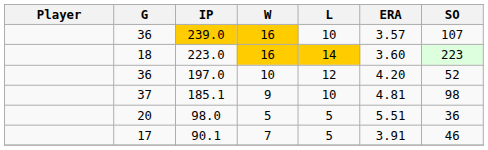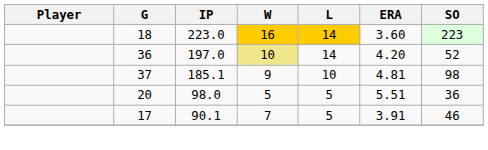 <table class="wikitable sortable">
 <tr>
 <th width="16%">Player</th>
 <th width="9%">G</th>
 <th width="9%">IP</th>
 <th width="9%">W</th>
 <th width="9%">L</th>
 <th width="9%">ERA</th>
 <th width="9%">SO</th>
-</tr>
-<tr align="center">
-<td></td>
-<td>36</td>
-<td style="background:#fc0;">239.0</td>
-<td style="background:#fc0;">16</td>
-<td>10</td>
-<td>3.57</td>
-<td>107</td>
 </tr>
 <tr align=center>
 <td></td>
 <td>18</td>
 <td>223.0</td>
 <td style="background:#fc0;">16</td>
 <td style="background:#fc0;">14</td>
 <td>3.60</td>
 <td style="background:#DDFFDD;">223</td>
 </tr>
 <tr align="center">
 <td></td>
 <td>36</td>
 <td>197.0</td>
-<td>10</td>
-<td>12</td>
+<td style="background: khaki;">10</td>
+<td>14</td>
 <td>4.20</td>
 <td>52</td>
 </tr>
 <tr align="center">
 <td></td>
 <td>37</td>
 <td>185.1</td>
 <td>9</td>
 <td>10</td>
 <td>4.81</td>
 <td>98</td>
 </tr>
 <tr align="center">
 <td></td>
 <td>20</td>
 <td>98.0</td>
 <td>5</td>
 <td>5</td>
 <td>5.51</td>
 <td>36</td>
 </tr>
 <tr align="center">
 <td></td>
 <td>17</td>
 <td>90.1</td>
 <td>7</td>
 <td>5</td>
 <td>3.91</td>
 <td>46</td>
 </tr>
 <tr align="center">
 </tr>
 </table>
